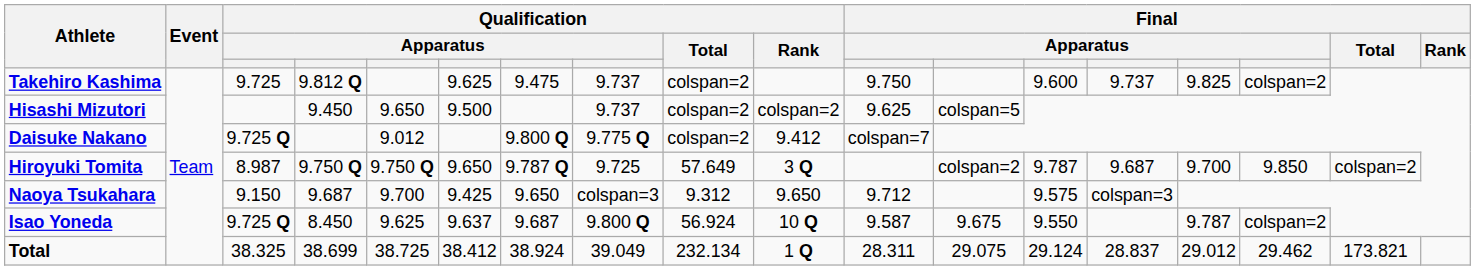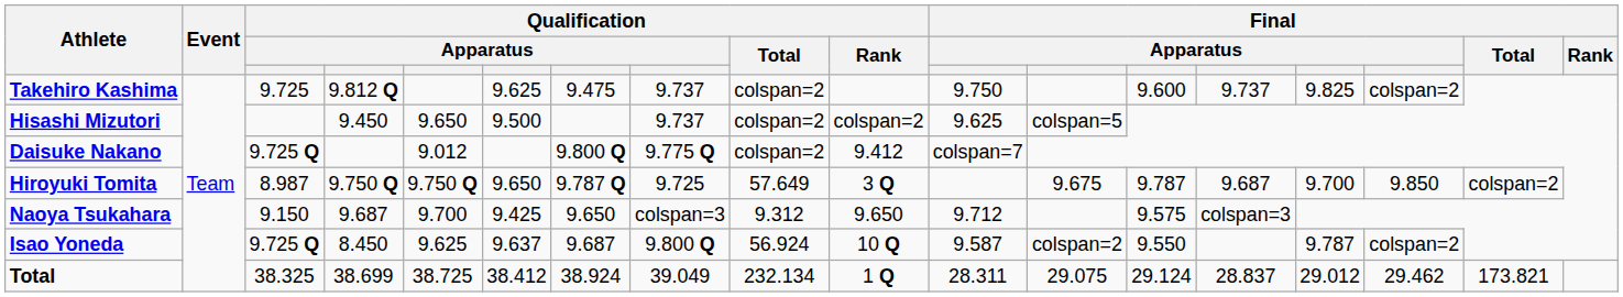 <table class="wikitable" style="font-size:90%">
 <tr>
 <th rowspan=3>Athlete</th>
 <th rowspan=3>Event</th>
 <th colspan =8>Qualification</th>
 <th colspan =8>Final</th>
 </tr>
 <tr style="font-size:95%">
 <th colspan=6>Apparatus</th>
 <th rowspan=2>Total</th>
 <th rowspan=2>Rank</th>
 <th colspan=6>Apparatus</th>
 <th rowspan=2>Total</th>
 <th rowspan=2>Rank</th>
 </tr>
 <tr style="font-size:95%">
 <th></th>
 <th></th>
 <th></th>
 <th></th>
 <th></th>
 <th></th>
 <th></th>
 <th></th>
 <th></th>
 <th></th>
 <th></th>
 <th></th>
 </tr>
 <tr align=center>
 <td align=left><strong><a href='#'>Takehiro Kashima</a></strong></td>
 <td align=left rowspan=7><a href='#'>Team</a></td>
 <td>9.725</td>
 <td>9.812 <strong>Q</strong></td>
 <td></td>
 <td>9.625</td>
 <td>9.475</td>
 <td>9.737</td>
 <td>colspan=2 </td>
 <td></td>
 <td>9.750</td>
 <td></td>
 <td>9.600</td>
 <td>9.737</td>
 <td>9.825</td>
 <td>colspan=2 </td>
 </tr>
 <tr align=center>
 <td align=left><strong><a href='#'>Hisashi Mizutori</a></strong></td>
 <td></td>
 <td>9.450</td>
 <td>9.650</td>
 <td>9.500</td>
 <td></td>
 <td>9.737</td>
 <td>colspan=2 </td>
 <td>colspan=2 </td>
 <td>9.625</td>
 <td>colspan=5 </td>
 </tr>
 <tr align=center>
 <td align=left><strong><a href='#'>Daisuke Nakano</a></strong></td>
 <td>9.725 <strong>Q</strong></td>
 <td></td>
 <td>9.012</td>
 <td></td>
 <td>9.800 <strong>Q</strong></td>
 <td>9.775 <strong>Q</strong></td>
 <td>colspan=2 </td>
 <td>9.412</td>
 <td>colspan=7 </td>
 </tr>
 <tr align=center>
 <td align=left><strong><a href='#'>Hiroyuki Tomita</a></strong></td>
 <td>8.987</td>
 <td>9.750 <strong>Q</strong></td>
 <td>9.750 <strong>Q</strong></td>
 <td>9.650</td>
 <td>9.787 <strong>Q</strong></td>
 <td>9.725</td>
 <td>57.649</td>
 <td>3 <strong>Q</strong></td>
 <td></td>
-<td>colspan=2 </td>
+<td>9.675</td>
 <td>9.787</td>
 <td>9.687</td>
 <td>9.700</td>
 <td>9.850</td>
 <td>colspan=2 </td>
 </tr>
 <tr align=center>
 <td align=left><strong><a href='#'>Naoya Tsukahara</a></strong></td>
 <td>9.150</td>
 <td>9.687</td>
 <td>9.700</td>
 <td>9.425</td>
 <td>9.650</td>
 <td>colspan=3 </td>
 <td>9.312</td>
 <td>9.650</td>
 <td>9.712</td>
 <td></td>
 <td>9.575</td>
 <td>colspan=3 </td>
 </tr>
 <tr align=center>
 <td align=left><strong><a href='#'>Isao Yoneda</a></strong></td>
 <td>9.725 <strong>Q</strong></td>
 <td>8.450</td>
 <td>9.625</td>
 <td>9.637</td>
 <td>9.687</td>
 <td>9.800 <strong>Q</strong></td>
 <td>56.924</td>
 <td>10 <strong>Q</strong></td>
 <td>9.587</td>
-<td>9.675</td>
+<td>colspan=2 </td>
 <td>9.550</td>
 <td></td>
 <td>9.787</td>
 <td>colspan=2 </td>
 </tr>
 <tr align=center>
 <td align=left><strong>Total</strong></td>
 <td>38.325</td>
 <td>38.699</td>
 <td>38.725</td>
 <td>38.412</td>
 <td>38.924</td>
 <td>39.049</td>
 <td>232.134</td>
 <td>1 <strong>Q</strong></td>
 <td>28.311</td>
 <td>29.075</td>
 <td>29.124</td>
 <td>28.837</td>
 <td>29.012</td>
 <td>29.462</td>
 <td>173.821</td>
 <td></td>
 </tr>
 </table>
